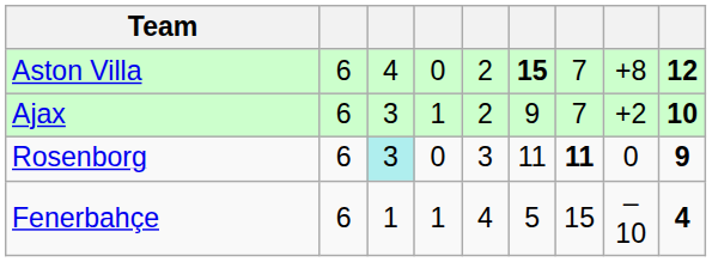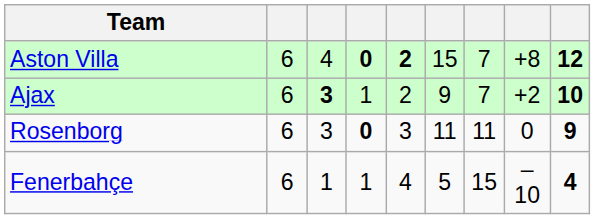 <table class="wikitable" style="text-align:center">
 <tr>
 <th style="width:175px;">Team</th>
 <th width="20"></th>
 <th width="20"></th>
 <th width="20"></th>
 <th width="20"></th>
 <th width="20"></th>
 <th width="20"></th>
 <th width="25"></th>
 <th width="20"></th>
 </tr>
 <tr style="background:#cfc;">
 <td align=left> <a href='#'>Aston Villa</a></td>
 <td>6</td>
 <td>4</td>
-<td>0</td>
-<td>2</td>
-<td><strong>15</strong></td>
+<td><strong>0</strong></td>
+<td><strong>2</strong></td>
+<td>15</td>
 <td>7</td>
 <td>+8</td>
 <td><strong>12</strong></td>
 </tr>
 <tr style="background:#cfc;">
 <td align=left> <a href='#'>Ajax</a></td>
 <td>6</td>
-<td>3</td>
+<td><strong>3</strong></td>
 <td>1</td>
 <td>2</td>
 <td>9</td>
 <td>7</td>
 <td>+2</td>
 <td><strong>10</strong></td>
 </tr>
 <tr>
 <td align=left> <a href='#'>Rosenborg</a></td>
 <td>6</td>
-<td style="background: paleturquoise;">3</td>
-<td>0</td>
+<td>3</td>
+<td><strong>0</strong></td>
 <td>3</td>
 <td>11</td>
-<td><strong>11</strong></td>
+<td>11</td>
 <td>0</td>
 <td><strong>9</strong></td>
 </tr>
 <tr>
 <td align=left> <a href='#'>Fenerbahçe</a></td>
 <td>6</td>
 <td>1</td>
 <td>1</td>
 <td>4</td>
 <td>5</td>
 <td>15</td>
 <td>–10</td>
 <td><strong>4</strong></td>
 </tr>
 </table>
